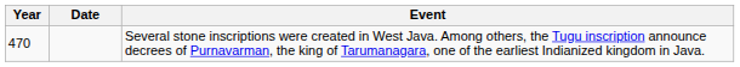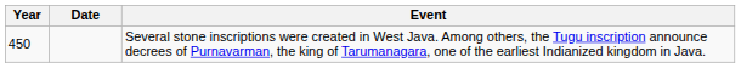 <table class="wikitable" width="100%">
 <tr>
 <th style="width:6%">Year</th>
 <th style="width:10%">Date</th>
 <th>Event</th>
 </tr>
 <tr>
-<td>470</td>
+<td>450</td>
 <td></td>
 <td>Several stone inscriptions were created in West Java. Among others, the <a href='#'>Tugu inscription</a> announce decrees of <a href='#'>Purnavarman</a>, the king of <a href='#'>Tarumanagara</a>, one of the earliest Indianized kingdom in Java.</td>
 </tr>
 </table>
